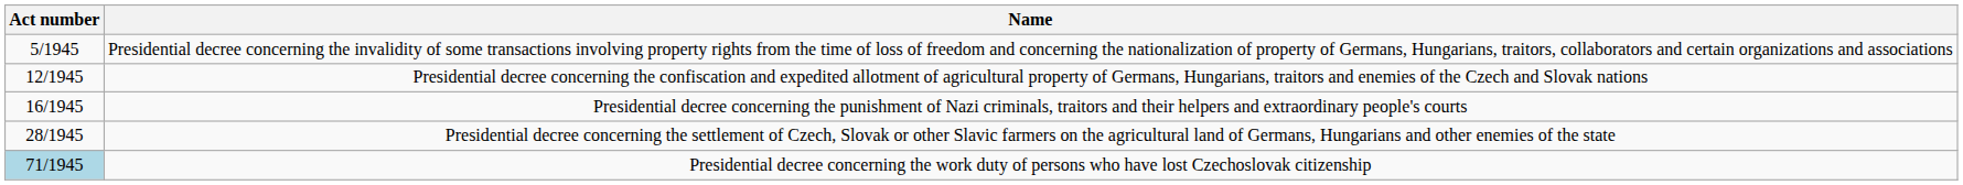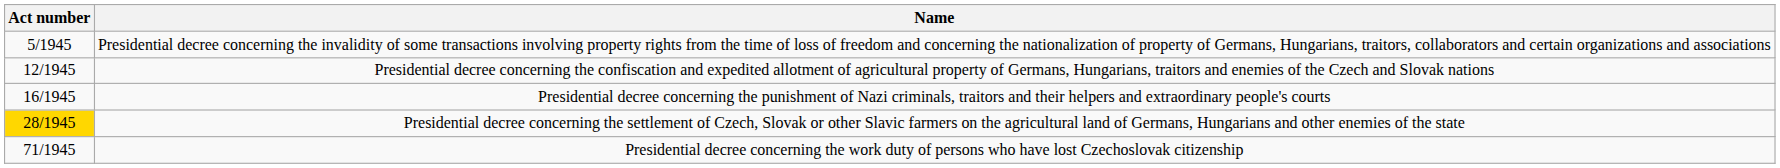 <table class="wikitable" style="font-size:90%; text-align:center;">
 <tr>
 <th>Act number</th>
 <th>Name</th>
 </tr>
 <tr>
 <td>5/1945</td>
 <td>Presidential decree concerning the invalidity of some transactions involving property rights from the time of loss of freedom and concerning the nationalization of property of Germans, Hungarians, traitors, collaborators and certain organizations and associations<br></td>
 </tr>
 <tr>
 <td>12/1945</td>
 <td>Presidential decree concerning the confiscation and expedited allotment of agricultural property of Germans, Hungarians, traitors and enemies of the Czech and Slovak nations<br></td>
 </tr>
 <tr>
 <td>16/1945</td>
 <td>Presidential decree concerning the punishment of Nazi criminals, traitors and their helpers and extraordinary people's courts<br></td>
 </tr>
 <tr>
-<td>28/1945</td>
+<td style="background: gold;">28/1945</td>
 <td>Presidential decree concerning the settlement of Czech, Slovak or other Slavic farmers on the agricultural land of Germans, Hungarians and other enemies of the state<br></td>
 </tr>
 <tr>
-<td style="background: lightblue;">71/1945</td>
+<td>71/1945</td>
 <td>Presidential decree concerning the work duty of persons who have lost Czechoslovak citizenship<br></td>
 </tr>
 </table>
